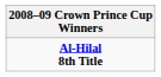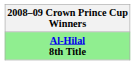 <table class="wikitable" style="text-align: center; margin: 0 auto;">
 <tr>
 <th>2008–09 Crown Prince Cup <br>Winners</th>
 </tr>
 <tr>
-<td><strong><a href='#'>Al-Hilal</a></strong><br><strong>8th Title</strong></td>
+<td style="background: lightgreen;"><strong><a href='#'>Al-Hilal</a></strong><br><strong>8th Title</strong></td>
 </tr>
 </table>
